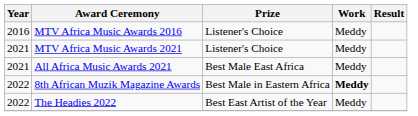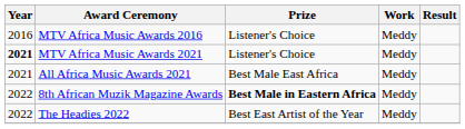 <table class="wikitable sortable">
 <tr>
 <th>Year</th>
 <th>Award Ceremony</th>
 <th>Prize</th>
 <th>Work</th>
 <th>Result</th>
 </tr>
 <tr>
 <td>2016</td>
 <td><a href='#'>MTV Africa Music Awards 2016</a></td>
 <td>Listener's Choice</td>
 <td>Meddy</td>
 <td></td>
 </tr>
 <tr>
-<td>2021</td>
+<td><strong>2021</strong></td>
 <td><a href='#'>MTV Africa Music Awards 2021</a></td>
 <td>Listener's Choice</td>
 <td>Meddy</td>
 <td></td>
 </tr>
 <tr>
 <td>2021</td>
 <td><a href='#'>All Africa Music Awards 2021</a></td>
 <td>Best Male East Africa</td>
 <td>Meddy</td>
 <td></td>
 </tr>
 <tr>
 <td>2022</td>
 <td><a href='#'>8th African Muzik Magazine Awards</a></td>
-<td>Best Male in Eastern Africa</td>
-<td><strong>Meddy</strong></td>
+<td><strong>Best Male in Eastern Africa</strong></td>
+<td>Meddy</td>
 <td></td>
 </tr>
 <tr>
 <td>2022</td>
 <td><a href='#'>The Headies 2022</a></td>
 <td>Best East Artist of the Year</td>
 <td>Meddy</td>
 <td></td>
 </tr>
 <tr>
 </tr>
 </table>
